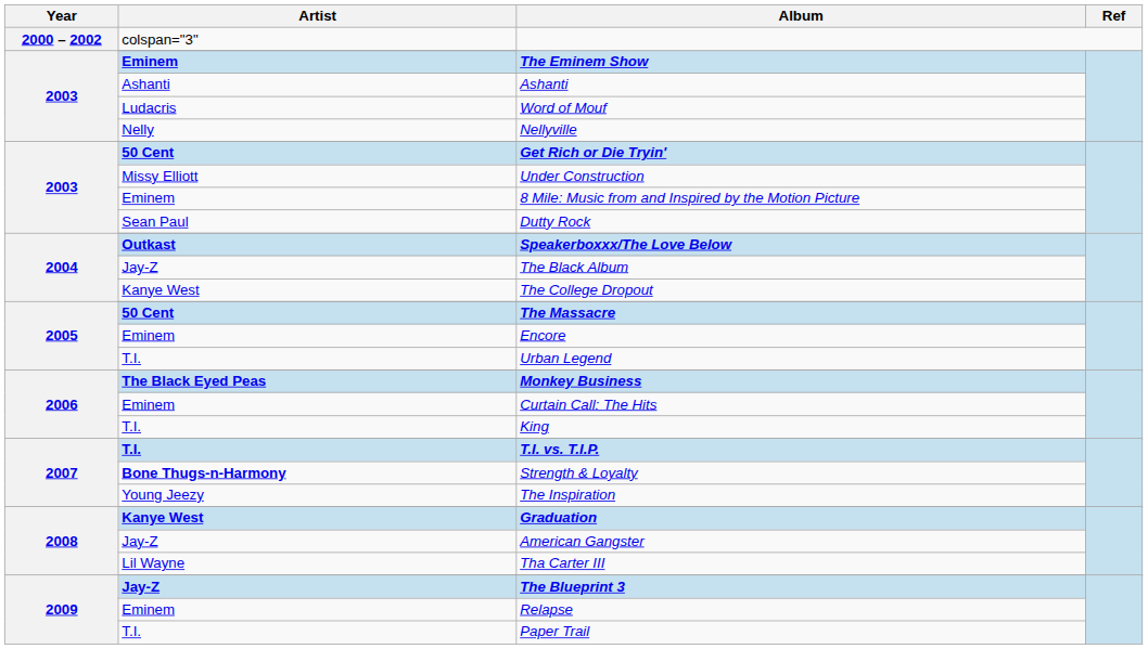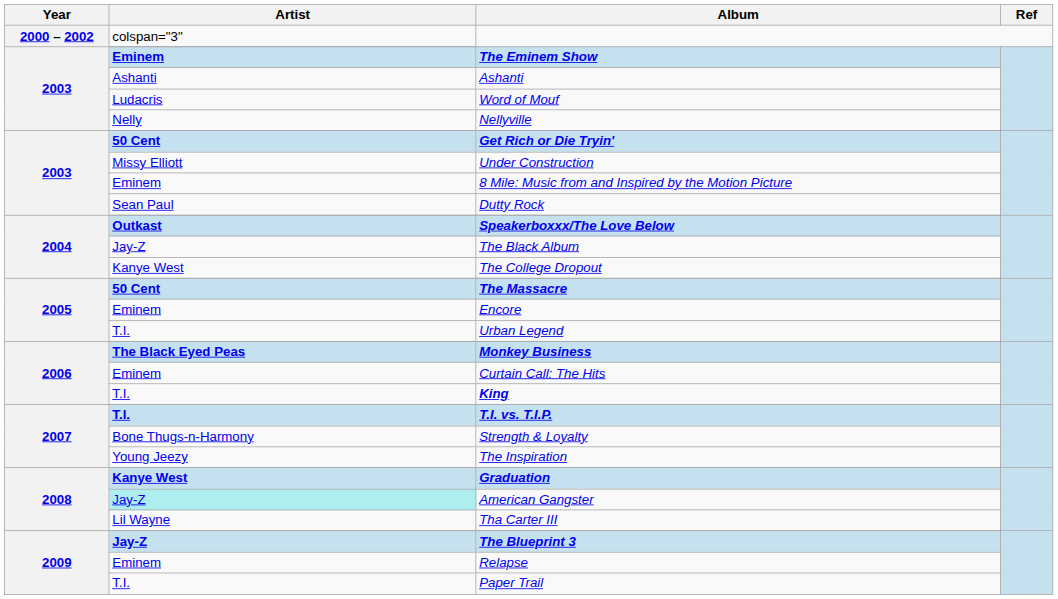 <table class="wikitable" width="100%">
 <tr>
 <th width="10%">Year</th>
 <th width="35%">Artist</th>
 <th width="50%">Album</th>
 <th width="5%">Ref</th>
 </tr>
 <tr>
 <th align="center"><a href='#'>2000</a> – <a href='#'>2002</a></th>
 <td>colspan="3" </td>
 </tr>
 <tr>
 <th rowspan="5" align="center"><a href='#'>2003<br></a></th>
 </tr>
 <tr style="background:#c5e1f0">
 <td><strong><a href='#'>Eminem</a></strong></td>
 <td><strong><em><a href='#'>The Eminem Show</a></em></strong></td>
 <td rowspan="5" align="center"></td>
 </tr>
 <tr>
 <td><a href='#'>Ashanti</a></td>
 <td><em><a href='#'>Ashanti</a></em></td>
 </tr>
 <tr>
 <td><a href='#'>Ludacris</a></td>
 <td><em><a href='#'>Word of Mouf</a></em></td>
 </tr>
 <tr>
 <td><a href='#'>Nelly</a></td>
 <td><em><a href='#'>Nellyville</a></em></td>
 </tr>
 <tr>
 <th rowspan="5" align="center"><a href='#'>2003<br></a></th>
 </tr>
 <tr style="background:#c5e1f0">
 <td><strong><a href='#'>50 Cent</a></strong></td>
 <td><strong><em><a href='#'>Get Rich or Die Tryin'</a></em></strong></td>
 <td rowspan="5" align="center"></td>
 </tr>
 <tr>
 <td><a href='#'>Missy Elliott</a></td>
 <td><em><a href='#'>Under Construction</a></em></td>
 </tr>
 <tr>
 <td><a href='#'>Eminem</a></td>
 <td><em><a href='#'>8 Mile: Music from and Inspired by the Motion Picture</a></em></td>
 </tr>
 <tr>
 <td><a href='#'>Sean Paul</a></td>
 <td><em><a href='#'>Dutty Rock</a></em></td>
 </tr>
 <tr>
 <th rowspan="4" align="center"><a href='#'>2004<br></a></th>
 </tr>
 <tr style="background:#c5e1f0">
 <td><strong><a href='#'>Outkast</a></strong></td>
 <td><strong><em><a href='#'>Speakerboxxx/The Love Below</a></em></strong></td>
 <td rowspan="4" align="center"></td>
 </tr>
 <tr>
 <td><a href='#'>Jay-Z</a></td>
 <td><em><a href='#'>The Black Album</a></em></td>
 </tr>
 <tr>
 <td><a href='#'>Kanye West</a></td>
 <td><em><a href='#'>The College Dropout</a></em></td>
 </tr>
 <tr>
 <th rowspan="4" align="center"><a href='#'>2005<br></a></th>
 </tr>
 <tr style="background:#c5e1f0">
 <td><strong><a href='#'>50 Cent</a></strong></td>
 <td><strong><em><a href='#'>The Massacre</a></em></strong></td>
 <td rowspan="4" align="center"></td>
 </tr>
 <tr>
 <td><a href='#'>Eminem</a></td>
 <td><em><a href='#'>Encore</a></em></td>
 </tr>
 <tr>
 <td><a href='#'>T.I.</a></td>
 <td><em><a href='#'>Urban Legend</a></em></td>
 </tr>
 <tr>
 <th rowspan="4" align="center"><a href='#'>2006<br></a></th>
 </tr>
 <tr style="background:#c5e1f0">
 <td><strong><a href='#'>The Black Eyed Peas</a></strong></td>
 <td><strong><em><a href='#'>Monkey Business</a></em></strong></td>
 <td rowspan="4" align="center"></td>
 </tr>
 <tr>
 <td><a href='#'>Eminem</a></td>
 <td><em><a href='#'>Curtain Call: The Hits</a></em></td>
 </tr>
 <tr>
 <td><a href='#'>T.I.</a></td>
-<td><em><a href='#'>King</a></em></td>
+<td><strong><em><a href='#'>King</a></em></strong></td>
 </tr>
 <tr>
 <th rowspan="4" align="center"><a href='#'>2007<br></a></th>
 </tr>
 <tr style="background:#c5e1f0">
 <td><strong><a href='#'>T.I.</a></strong></td>
 <td><strong><em><a href='#'>T.I. vs. T.I.P.</a></em></strong></td>
 <td rowspan="4" align="center"></td>
 </tr>
 <tr>
-<td><strong><a href='#'>Bone Thugs-n-Harmony</a></strong></td>
+<td><a href='#'>Bone Thugs-n-Harmony</a></td>
 <td><em><a href='#'>Strength & Loyalty</a></em></td>
 </tr>
 <tr>
 <td><a href='#'>Young Jeezy</a></td>
 <td><em><a href='#'>The Inspiration</a></em></td>
 </tr>
 <tr>
 <th rowspan="4" align="center"><a href='#'>2008<br></a></th>
 </tr>
 <tr style="background:#c5e1f0">
 <td><strong><a href='#'>Kanye West</a></strong></td>
 <td><strong><em><a href='#'>Graduation</a></em></strong></td>
 <td rowspan="4" align="center"></td>
 </tr>
 <tr>
-<td><a href='#'>Jay-Z</a></td>
+<td style="background: paleturquoise;"><a href='#'>Jay-Z</a></td>
 <td><em><a href='#'>American Gangster</a></em></td>
 </tr>
 <tr>
 <td><a href='#'>Lil Wayne</a></td>
 <td><em><a href='#'>Tha Carter III</a></em></td>
 </tr>
 <tr>
 <th rowspan="4" align="center"><a href='#'>2009<br></a></th>
 </tr>
 <tr style="background:#c5e1f0">
 <td><strong><a href='#'>Jay-Z</a></strong></td>
 <td><strong><em><a href='#'>The Blueprint 3</a></em></strong></td>
 <td rowspan="4" align="center"></td>
 </tr>
 <tr>
 <td><a href='#'>Eminem</a></td>
 <td><em><a href='#'>Relapse</a></em></td>
 </tr>
 <tr>
 <td><a href='#'>T.I.</a></td>
 <td><em><a href='#'>Paper Trail</a></em></td>
 </tr>
 </table>
